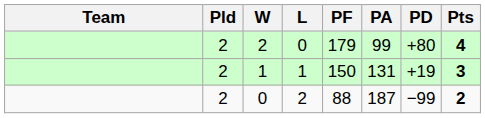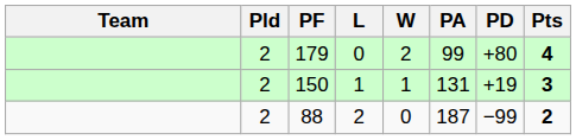 <table class=wikitable style="text-align:center">
 <tr>
 <th width=180>Team</th>
 <th width=30>Pld</th>
+<th width=30>PF</th>
+<th width=30>L</th>
 <th width=30>W</th>
-<th width=30>L</th>
-<th width=30>PF</th>
 <th width=30>PA</th>
 <th width=30>PD</th>
 <th width=30>Pts</th>
 </tr>
 <tr bgcolor="#ccffcc">
 <td align=left></td>
 <td>2</td>
+<td>179</td>
+<td>0</td>
 <td>2</td>
-<td>0</td>
-<td>179</td>
 <td>99</td>
 <td>+80</td>
 <td><strong>4</strong></td>
 </tr>
 <tr bgcolor="#ccffcc">
 <td align=left></td>
 <td>2</td>
+<td>150</td>
 <td>1</td>
 <td>1</td>
-<td>150</td>
 <td>131</td>
 <td>+19</td>
 <td><strong>3</strong></td>
 </tr>
 <tr align=center>
 <td align=left></td>
 <td>2</td>
+<td>88</td>
+<td>2</td>
 <td>0</td>
-<td>2</td>
-<td>88</td>
 <td>187</td>
 <td>−99</td>
 <td><strong>2</strong></td>
 </tr>
 </table>
